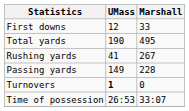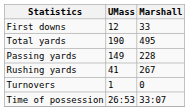 <table class="wikitable">
 <tr>
 <th>Statistics</th>
 <th>UMass</th>
 <th>Marshall</th>
 </tr>
 <tr>
 <td>First downs</td>
 <td>12</td>
 <td>33</td>
 </tr>
 <tr>
 <td>Total yards</td>
 <td>190</td>
 <td>495</td>
 </tr>
 <tr>
+<td>Passing yards</td>
+<td>149</td>
+<td>228</td>
+</tr>
+<tr>
 <td>Rushing yards</td>
 <td>41</td>
 <td>267</td>
 </tr>
 <tr>
-<td>Passing yards</td>
-<td>149</td>
-<td>228</td>
-</tr>
-<tr>
 <td>Turnovers</td>
-<td><strong>1</strong></td>
+<td>1</td>
 <td>0</td>
 </tr>
 <tr>
 <td>Time of possession</td>
 <td>26:53</td>
 <td>33:07</td>
 </tr>
 <tr>
 </tr>
 </table>
